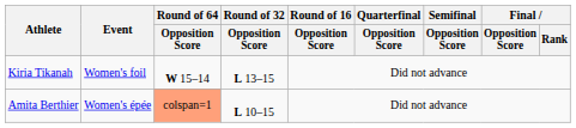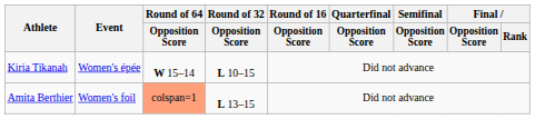 <table class="wikitable" style="font-size:90%">
 <tr>
 <th rowspan="2">Athlete</th>
 <th rowspan="2">Event</th>
 <th>Round of 64</th>
 <th>Round of 32</th>
 <th>Round of 16</th>
 <th>Quarterfinal</th>
 <th>Semifinal</th>
 <th colspan=2>Final / </th>
 </tr>
 <tr style="font-size:95%">
 <th>Opposition <br> Score</th>
 <th>Opposition <br> Score</th>
 <th>Opposition <br> Score</th>
 <th>Opposition <br> Score</th>
 <th>Opposition <br> Score</th>
 <th>Opposition <br> Score</th>
 <th>Rank</th>
 </tr>
 <tr align=center>
 <td align=left><a href='#'>Kiria Tikanah</a></td>
-<td align=left><a href='#'>Women's foil</a></td>
+<td align=left><a href='#'>Women's épée</a></td>
 <td><br><strong>W</strong> 15–14</td>
-<td><br><strong>L</strong> 13–15</td>
+<td><br><strong>L</strong> 10–15</td>
 <td colspan=5>Did not advance</td>
 </tr>
 <tr align=center>
 <td align=left><a href='#'>Amita Berthier</a></td>
-<td align=left><a href='#'>Women's épée</a></td>
+<td align=left><a href='#'>Women's foil</a></td>
 <td style="background: lightsalmon;">colspan=1 </td>
-<td><br><strong>L</strong> 10–15</td>
+<td><br><strong>L</strong> 13–15</td>
 <td colspan=5>Did not advance</td>
 </tr>
 </table>
